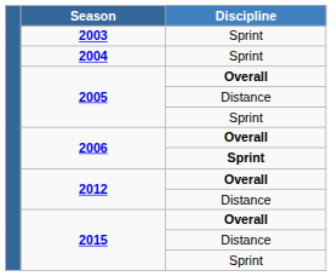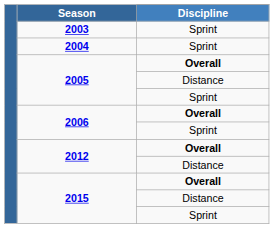 <table class="wikitable"  style="font-size:95%; text-align:center; border:gray solid 1px; width:30%;">
 <tr style="background:#369; color:white;">
 <td rowspan="14" style="width:1%;"></td>
 <td rowspan="2" colspan="1" style="width:10%;"><strong>Season</strong></td>
 </tr>
 <tr style="background-color:#4180be; color:white;">
 <td style="width:10%;"><strong>Discipline</strong></td>
 </tr>
 <tr>
 <td><strong><a href='#'>2003</a></strong></td>
 <td>Sprint</td>
 </tr>
 <tr>
 <td><strong><a href='#'>2004</a></strong></td>
 <td>Sprint</td>
 </tr>
 <tr>
 <td rowspan=3><strong><a href='#'>2005</a></strong></td>
 <td><strong>Overall</strong></td>
 </tr>
 <tr>
 <td>Distance</td>
 </tr>
 <tr>
 <td>Sprint</td>
 </tr>
 <tr>
 <td rowspan=2><strong><a href='#'>2006</a></strong></td>
 <td><strong>Overall</strong></td>
 </tr>
 <tr>
-<td><strong>Sprint</strong></td>
+<td>Sprint</td>
 </tr>
 <tr>
 <td rowspan=2><strong><a href='#'>2012</a></strong></td>
 <td><strong>Overall</strong></td>
 </tr>
 <tr>
 <td>Distance</td>
 </tr>
 <tr>
 <td rowspan=3><strong><a href='#'>2015</a></strong></td>
 <td><strong>Overall</strong></td>
 </tr>
 <tr>
 <td>Distance</td>
 </tr>
 <tr>
 <td>Sprint</td>
 </tr>
 </table>
